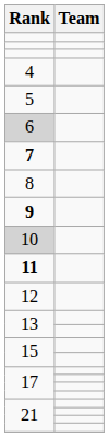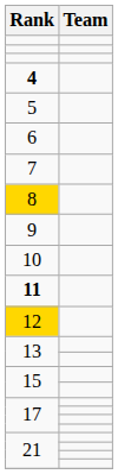 <table class="wikitable">
 <tr>
 <th>Rank</th>
 <th>Team</th>
 </tr>
 <tr>
 <td align=center></td>
 <td></td>
 </tr>
 <tr>
 <td align=center></td>
 <td></td>
 </tr>
 <tr>
 <td align=center></td>
 <td></td>
 </tr>
 <tr>
-<td align=center>4</td>
+<td align=center><strong>4</strong></td>
 <td></td>
 </tr>
 <tr>
 <td align=center>5</td>
 <td></td>
 </tr>
 <tr>
-<td align=center style="background: lightgrey;">6</td>
+<td align=center>6</td>
 <td></td>
 </tr>
 <tr>
-<td align=center><strong>7</strong></td>
+<td align=center>7</td>
 <td></td>
 </tr>
 <tr>
-<td align=center>8</td>
+<td align=center style="background: gold;">8</td>
 <td></td>
 </tr>
 <tr>
-<td align=center><strong>9</strong></td>
+<td align=center>9</td>
 <td></td>
 </tr>
 <tr>
-<td align=center style="background: lightgrey;">10</td>
+<td align=center>10</td>
 <td></td>
 </tr>
 <tr>
 <td align=center><strong>11</strong></td>
 <td></td>
 </tr>
 <tr>
-<td align=center>12</td>
+<td align=center style="background: gold;">12</td>
 <td></td>
 </tr>
 <tr>
 <td rowspan=2 align=center>13</td>
 <td></td>
 </tr>
 <tr>
 <td></td>
 </tr>
 <tr>
 <td rowspan=2 align=center>15</td>
 <td></td>
 </tr>
 <tr>
 <td></td>
 </tr>
 <tr>
 <td rowspan=4 align=center>17</td>
 <td></td>
 </tr>
 <tr>
 <td></td>
 </tr>
 <tr>
 <td></td>
 </tr>
 <tr>
 <td></td>
 </tr>
 <tr>
 <td rowspan=4 align=center>21</td>
 <td></td>
 </tr>
 <tr>
 <td></td>
 </tr>
 <tr>
 <td></td>
 </tr>
 <tr>
 <td></td>
 </tr>
 <tr>
 </tr>
 </table>
